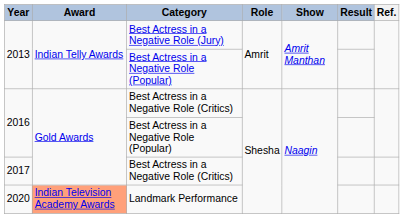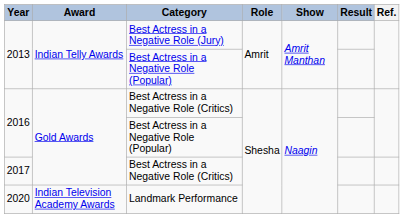 <table class="wikitable">
 <tr>
 <th style="background:#B0C4DE;">Year</th>
 <th style="background:#B0C4DE;">Award</th>
 <th style="background:#B0C4DE;">Category</th>
 <th style="background:#B0C4DE;">Role</th>
 <th style="background:#B0C4DE;">Show</th>
 <th style="background:#B0C4DE;">Result</th>
 <th>Ref.</th>
 </tr>
 <tr>
 <td rowspan="2">2013</td>
 <td rowspan="2"><a href='#'>Indian Telly Awards</a></td>
 <td><a href='#'>Best Actress in a Negative Role (Jury)</a></td>
 <td rowspan="2">Amrit</td>
 <td rowspan="2"><em><a href='#'>Amrit Manthan</a></em></td>
 <td></td>
 <td rowspan="2"></td>
 </tr>
 <tr>
 <td><a href='#'>Best Actress in a Negative Role (Popular)</a></td>
 <td></td>
 </tr>
 <tr>
 <td rowspan="2">2016</td>
 <td rowspan="3"><a href='#'>Gold Awards</a></td>
 <td>Best Actress in a Negative Role (Critics)</td>
 <td rowspan="5">Shesha</td>
 <td rowspan="5"><em><a href='#'>Naagin</a></em></td>
 <td></td>
 <td rowspan="2"></td>
 </tr>
 <tr>
 <td>Best Actress in a Negative Role (Popular)</td>
 <td></td>
 </tr>
 <tr>
 <td>2017</td>
 <td>Best Actress in a Negative Role (Critics)</td>
 <td></td>
 <td></td>
 </tr>
 <tr>
 <td>2020</td>
-<td style="background: lightsalmon;"><a href='#'>Indian Television Academy Awards</a></td>
+<td><a href='#'>Indian Television Academy Awards</a></td>
 <td>Landmark Performance</td>
 <td></td>
 <td></td>
 </tr>
 </table>
